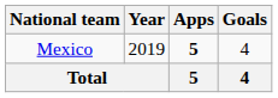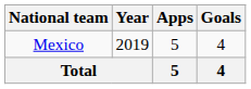 <table class="wikitable" style="text-align:center">
 <tr>
 <th>National team</th>
 <th>Year</th>
 <th>Apps</th>
 <th>Goals</th>
 </tr>
 <tr>
 <td rowspan="1"><a href='#'>Mexico</a></td>
 <td>2019</td>
-<td><strong>5</strong></td>
+<td>5</td>
 <td>4</td>
 </tr>
 <tr>
 <th colspan="2">Total</th>
 <th>5</th>
 <th>4</th>
 </tr>
 </table>
